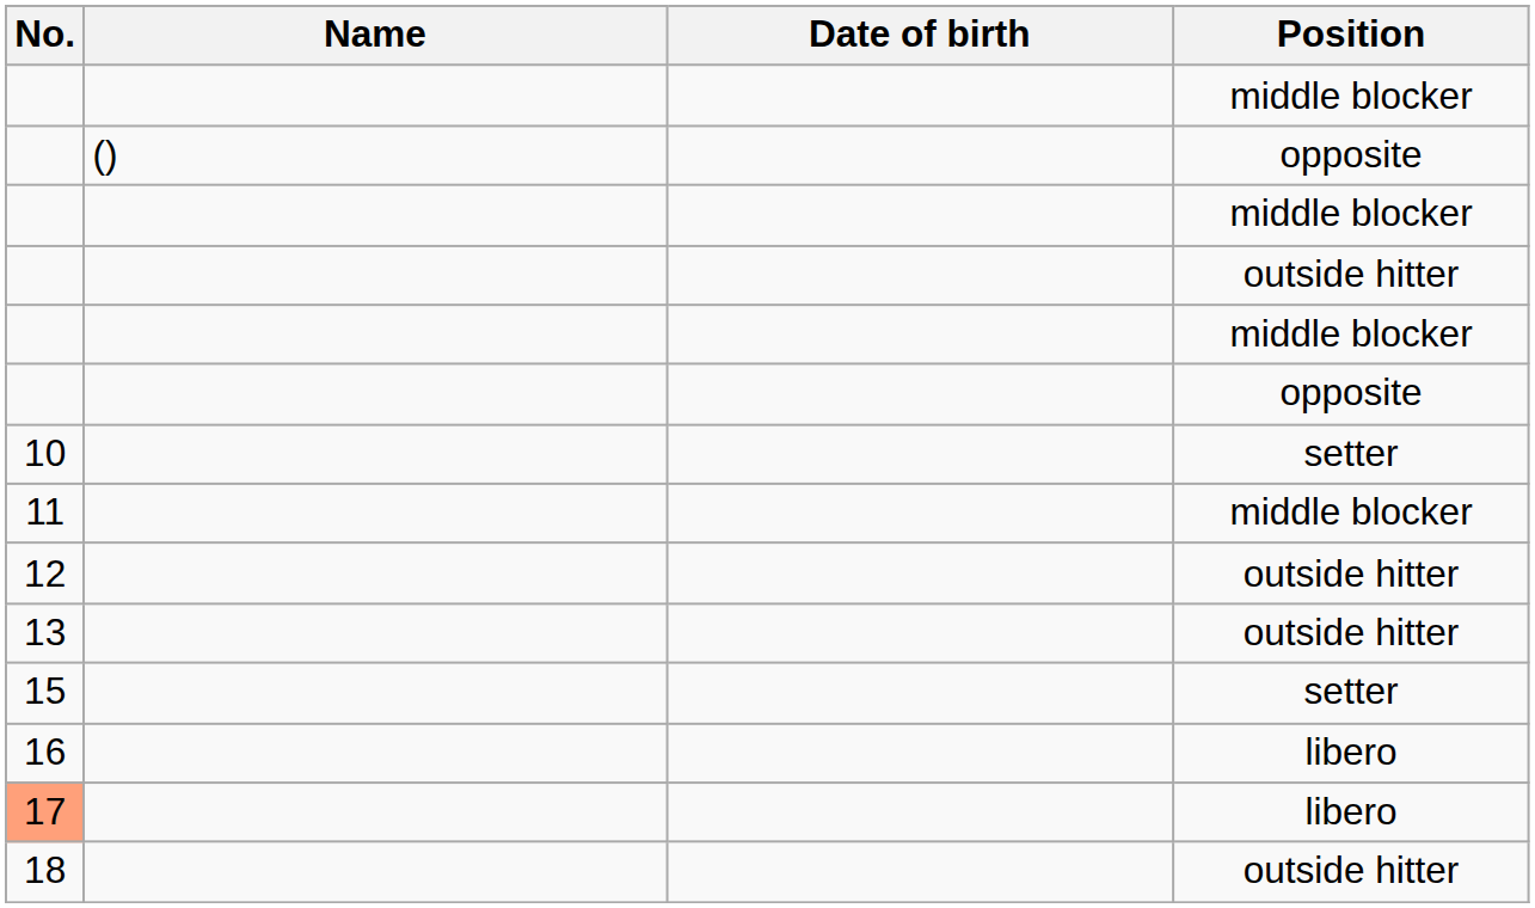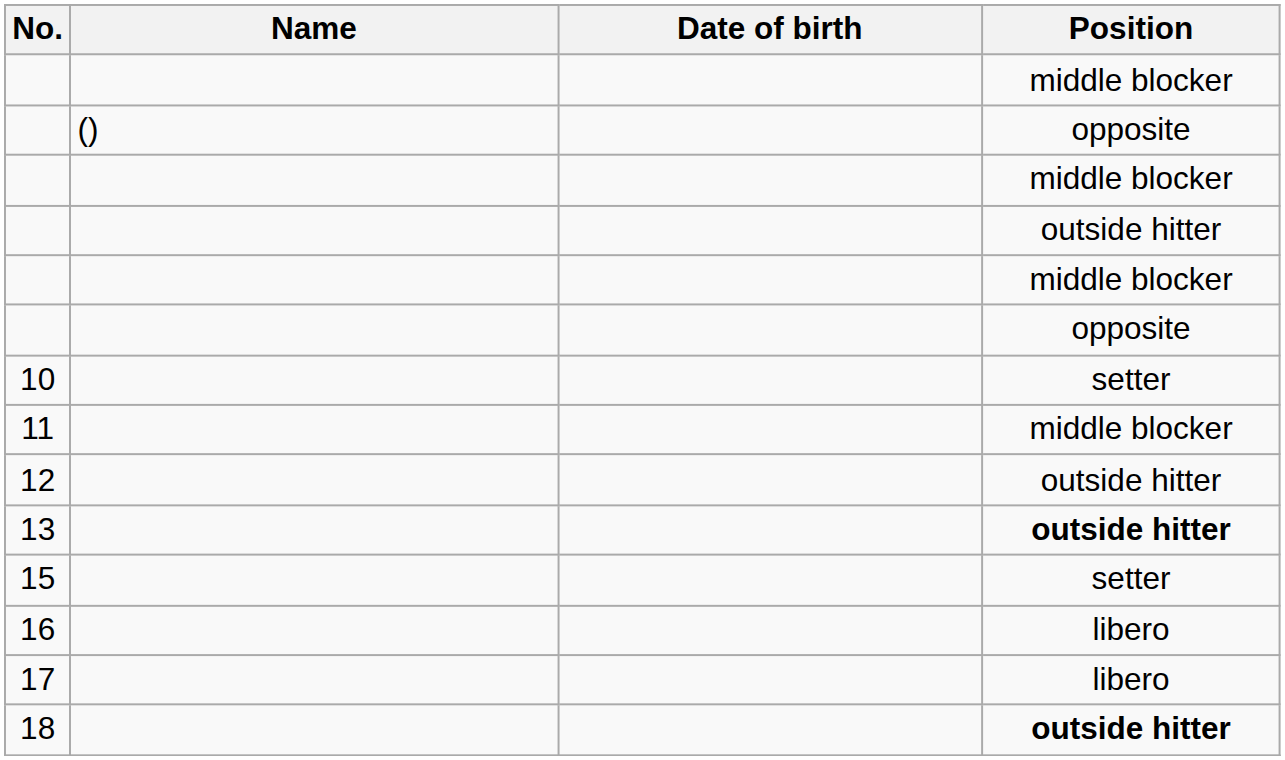 <table class="wikitable sortable" style="font-size:100%; text-align:center;">
 <tr>
 <th>No.</th>
 <th style="width:15em">Name</th>
 <th style="width:13em">Date of birth</th>
 <th style="width:9em">Position</th>
 </tr>
 <tr>
 <td></td>
 <td align=left> </td>
 <td align=right></td>
 <td>middle blocker</td>
 </tr>
 <tr>
 <td></td>
 <td align=left>  ()</td>
 <td align=right></td>
 <td>opposite</td>
 </tr>
 <tr>
 <td></td>
 <td align=left> </td>
 <td align=right></td>
 <td>middle blocker</td>
 </tr>
 <tr>
 <td></td>
 <td align=left> </td>
 <td align=right></td>
 <td>outside hitter</td>
 </tr>
 <tr>
 <td></td>
 <td align=left> </td>
 <td align=right></td>
 <td>middle blocker</td>
 </tr>
 <tr>
 <td></td>
 <td align=left> </td>
 <td align=right></td>
 <td>opposite</td>
 </tr>
 <tr>
 <td>10</td>
 <td align=left> </td>
 <td align=right></td>
 <td>setter</td>
 </tr>
 <tr>
 <td>11</td>
 <td align=left> </td>
 <td align=right></td>
 <td>middle blocker</td>
 </tr>
 <tr>
 <td>12</td>
 <td align=left> </td>
 <td align=right></td>
 <td>outside hitter</td>
 </tr>
 <tr>
 <td>13</td>
 <td align=left> </td>
 <td align=right></td>
-<td>outside hitter</td>
+<td><strong>outside hitter</strong></td>
 </tr>
 <tr>
 <td>15</td>
 <td align=left> </td>
 <td align=right></td>
 <td>setter</td>
 </tr>
 <tr>
 <td>16</td>
 <td align=left> </td>
 <td align=right></td>
 <td>libero</td>
 </tr>
 <tr>
-<td style="background: lightsalmon;">17</td>
+<td>17</td>
 <td align=left> </td>
 <td align=right></td>
 <td>libero</td>
 </tr>
 <tr>
 <td>18</td>
 <td align=left> </td>
 <td align=right></td>
-<td>outside hitter</td>
+<td><strong>outside hitter</strong></td>
 </tr>
 <tr>
 </tr>
 </table>
